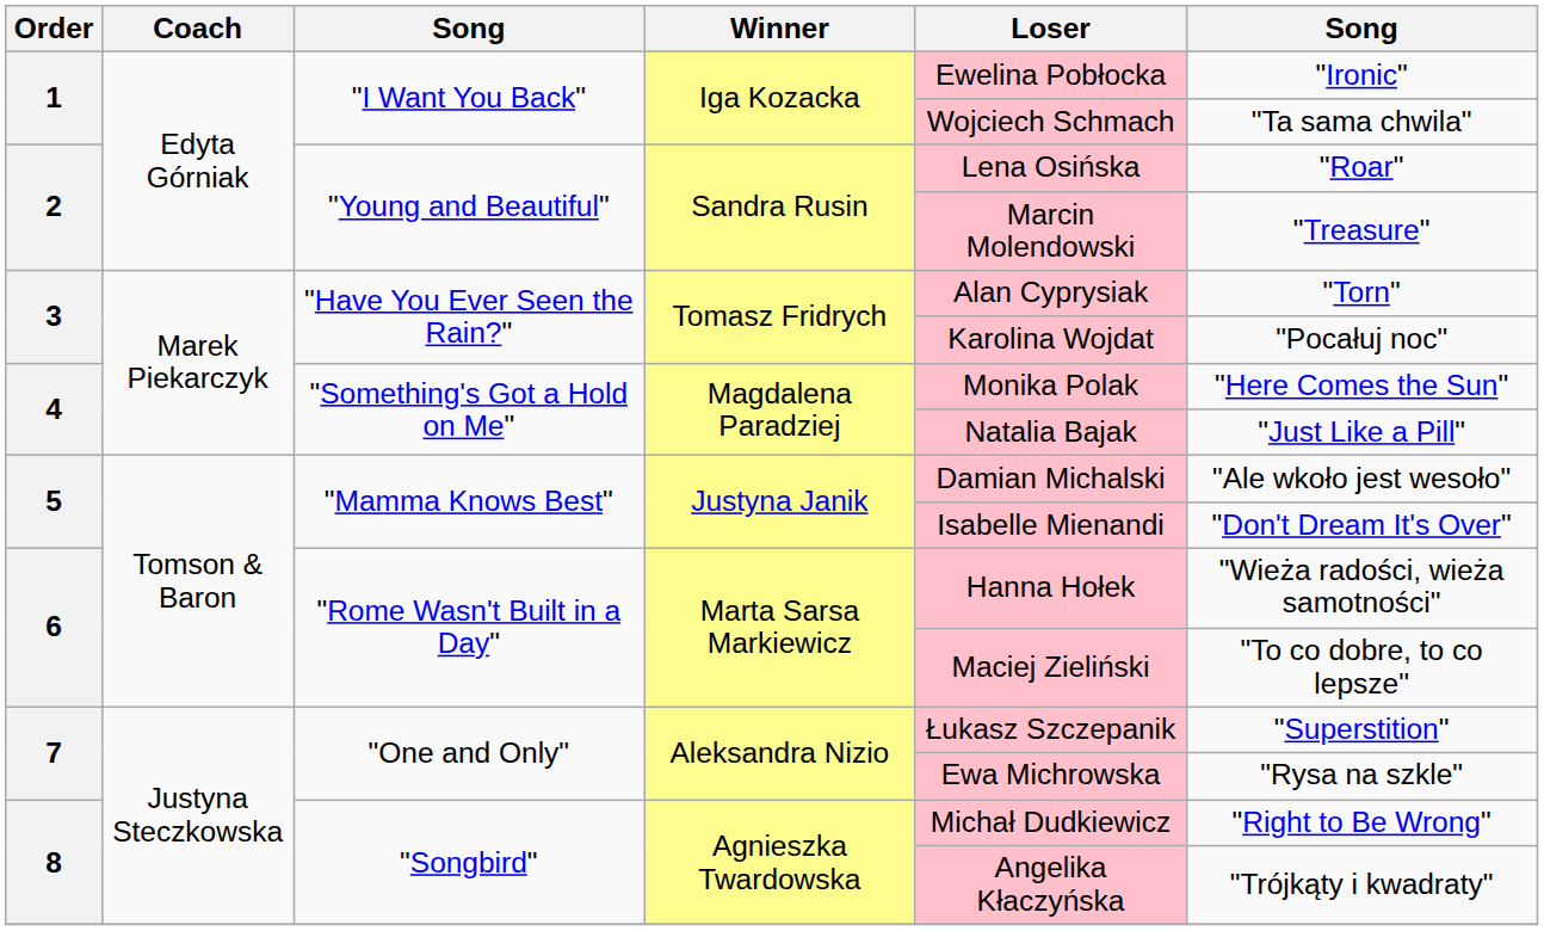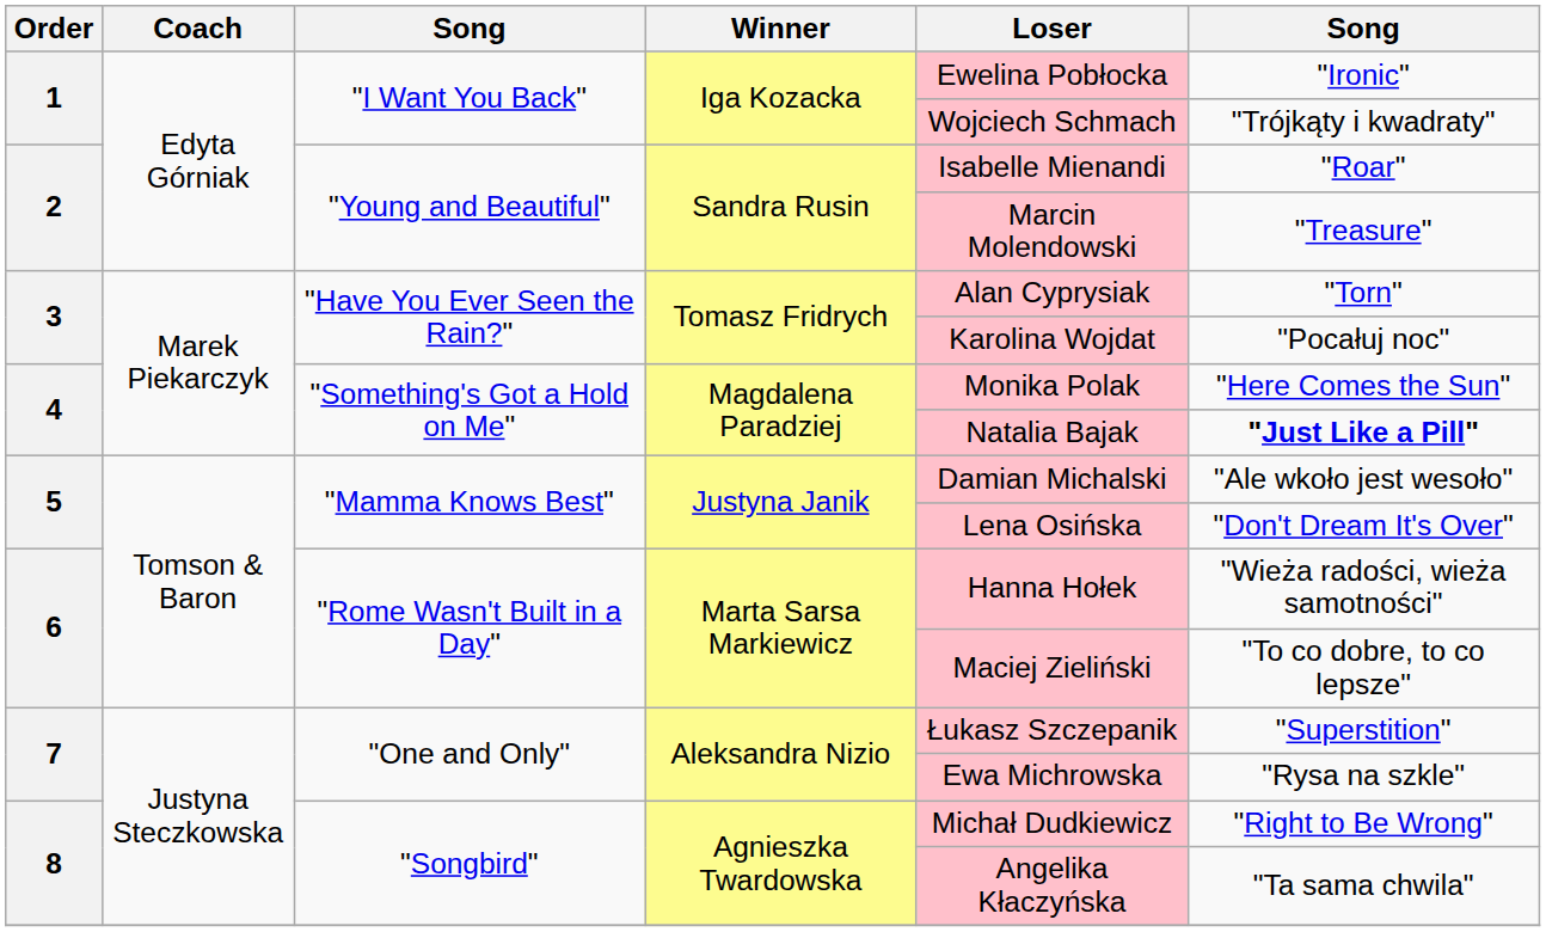 <table class="wikitable" style="text-align: center; width:95%;">
 <tr>
 <th width="05%">Order</th>
 <th width="12%">Coach</th>
 <th width="22%">Song</th>
 <th width="17%">Winner</th>
 <th width="17%">Loser</th>
 <th width="22%">Song</th>
 </tr>
 <tr>
 <th rowspan="2">1</th>
 <td rowspan="4">Edyta Górniak</td>
 <td rowspan="2">"<a href='#'>I Want You Back</a>"</td>
 <td rowspan="2" style="background:#fdfc8f;">Iga Kozacka</td>
 <td style="background:pink;">Ewelina Pobłocka</td>
 <td>"<a href='#'>Ironic</a>"</td>
 </tr>
 <tr>
 <td style="background:pink;">Wojciech Schmach</td>
-<td>"Ta sama chwila"</td>
+<td>"Trójkąty i kwadraty"</td>
 </tr>
 <tr>
 <th rowspan="2">2</th>
 <td rowspan="2">"<a href='#'>Young and Beautiful</a>"</td>
 <td rowspan="2" style="background:#fdfc8f;">Sandra Rusin</td>
-<td style="background:pink;">Lena Osińska</td>
+<td style="background:pink;">Isabelle Mienandi</td>
 <td>"<a href='#'>Roar</a>"</td>
 </tr>
 <tr>
 <td style="background:pink;">Marcin Molendowski</td>
 <td>"<a href='#'>Treasure</a>"</td>
 </tr>
 <tr>
 <th rowspan="2">3</th>
 <td rowspan="4">Marek Piekarczyk</td>
 <td rowspan="2">"<a href='#'>Have You Ever Seen the Rain?</a>"</td>
 <td rowspan="2" style="background:#fdfc8f;">Tomasz Fridrych</td>
 <td style="background:pink;">Alan Cyprysiak</td>
 <td>"<a href='#'>Torn</a>"</td>
 </tr>
 <tr>
 <td style="background:pink;">Karolina Wojdat</td>
 <td>"Pocałuj noc"</td>
 </tr>
 <tr>
 <th rowspan="2">4</th>
 <td rowspan="2">"<a href='#'>Something's Got a Hold on Me</a>"</td>
 <td rowspan="2" style="background:#fdfc8f;">Magdalena Paradziej</td>
 <td style="background:pink;">Monika Polak</td>
 <td>"<a href='#'>Here Comes the Sun</a>"</td>
 </tr>
 <tr>
 <td style="background:pink;">Natalia Bajak</td>
-<td>"<a href='#'>Just Like a Pill</a>"</td>
+<td><strong>"<a href='#'>Just Like a Pill</a>"</strong></td>
 </tr>
 <tr>
 <th rowspan="2">5</th>
 <td rowspan="4">Tomson & Baron</td>
 <td rowspan="2">"<a href='#'>Mamma Knows Best</a>"</td>
 <td rowspan="2" style="background:#fdfc8f;"><a href='#'>Justyna Janik</a></td>
 <td style="background:pink;">Damian Michalski</td>
 <td>"Ale wkoło jest wesoło"</td>
 </tr>
 <tr>
-<td style="background:pink;">Isabelle Mienandi</td>
+<td style="background:pink;">Lena Osińska</td>
 <td>"<a href='#'>Don't Dream It's Over</a>"</td>
 </tr>
 <tr>
 <th rowspan="2">6</th>
 <td rowspan="2">"<a href='#'>Rome Wasn't Built in a Day</a>"</td>
 <td rowspan="2" style="background:#fdfc8f;">Marta Sarsa Markiewicz</td>
 <td style="background:pink;">Hanna Hołek</td>
 <td>"Wieża radości, wieża samotności"</td>
 </tr>
 <tr>
 <td style="background:pink;">Maciej Zieliński</td>
 <td>"To co dobre, to co lepsze"</td>
 </tr>
 <tr>
 <th rowspan="2">7</th>
 <td rowspan="4">Justyna Steczkowska</td>
 <td rowspan="2">"One and Only"</td>
 <td rowspan="2" style="background:#fdfc8f;">Aleksandra Nizio</td>
 <td style="background:pink;">Łukasz Szczepanik</td>
 <td>"<a href='#'>Superstition</a>"</td>
 </tr>
 <tr>
 <td style="background:pink;">Ewa Michrowska</td>
 <td>"Rysa na szkle"</td>
 </tr>
 <tr>
 <th rowspan="2">8</th>
 <td rowspan="2">"<a href='#'>Songbird</a>"</td>
 <td rowspan="2" style="background:#fdfc8f;">Agnieszka Twardowska</td>
 <td style="background:pink;">Michał Dudkiewicz</td>
 <td>"<a href='#'>Right to Be Wrong</a>"</td>
 </tr>
 <tr>
 <td style="background:pink;">Angelika Kłaczyńska</td>
-<td>"Trójkąty i kwadraty"</td>
+<td>"Ta sama chwila"</td>
 </tr>
 <tr>
 </tr>
 </table>
